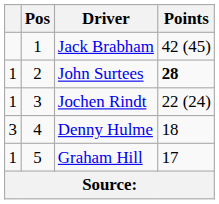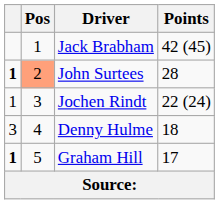 <table class="wikitable" style="font-size: 95%;">
 <tr>
 <th></th>
 <th>Pos</th>
 <th>Driver</th>
 <th>Points</th>
 </tr>
 <tr>
 <td align="left"></td>
 <td align="center">1</td>
 <td> <a href='#'>Jack Brabham</a></td>
 <td align="left">42 (45)</td>
 </tr>
 <tr>
-<td align="left"> 1</td>
-<td align="center">2</td>
+<td align="left"><strong> 1</strong></td>
+<td align="center" style="background: lightsalmon;">2</td>
 <td> <a href='#'>John Surtees</a></td>
-<td align="left"><strong>28</strong></td>
+<td align="left">28</td>
 </tr>
 <tr>
 <td align="left"> 1</td>
 <td align="center">3</td>
 <td> <a href='#'>Jochen Rindt</a></td>
 <td align="left">22 (24)</td>
 </tr>
 <tr>
 <td align="left"> 3</td>
 <td align="center">4</td>
 <td> <a href='#'>Denny Hulme</a></td>
 <td align="left">18</td>
 </tr>
 <tr>
-<td align="left"> 1</td>
+<td align="left"><strong> 1</strong></td>
 <td align="center">5</td>
 <td> <a href='#'>Graham Hill</a></td>
 <td align="left">17</td>
 </tr>
 <tr>
 <th colspan=4>Source:</th>
 </tr>
 </table>
